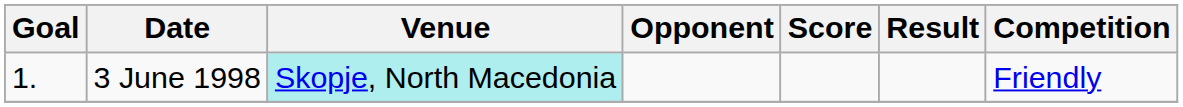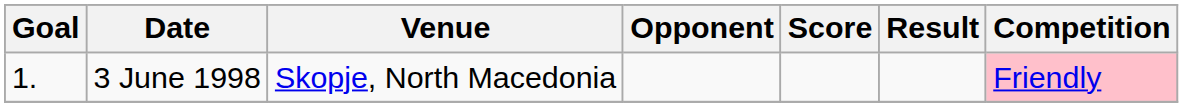 <table class="wikitable">
 <tr>
 <th>Goal</th>
 <th>Date</th>
 <th>Venue</th>
 <th>Opponent</th>
 <th>Score</th>
 <th>Result</th>
 <th>Competition</th>
 </tr>
 <tr>
 <td>1.</td>
 <td>3 June 1998</td>
-<td style="background: paleturquoise;"><a href='#'>Skopje</a>, North Macedonia</td>
+<td><a href='#'>Skopje</a>, North Macedonia</td>
 <td></td>
 <td></td>
 <td></td>
-<td><a href='#'>Friendly</a></td>
+<td style="background: pink;"><a href='#'>Friendly</a></td>
 </tr>
 <tr>
 </tr>
 </table>
